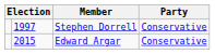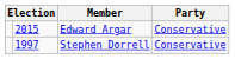 <table class="wikitable">
 <tr>
 <th colspan="2">Election</th>
 <th>Member</th>
 <th>Party</th>
 </tr>
 <tr>
 <td style="color:inherit;background-color: "></td>
+<td><a href='#'>2015</a></td>
+<td><a href='#'>Edward Argar</a></td>
+<td><a href='#'>Conservative</a></td>
+</tr>
+<tr>
+<td style="color:inherit;background-color: "></td>
 <td><a href='#'>1997</a></td>
 <td><a href='#'>Stephen Dorrell</a></td>
 <td><a href='#'>Conservative</a></td>
 </tr>
-<tr>
-<td style="color:inherit;background-color: "></td>
-<td><a href='#'>2015</a></td>
-<td><a href='#'>Edward Argar</a></td>
-<td><a href='#'>Conservative</a></td>
-</tr>
 </table>
